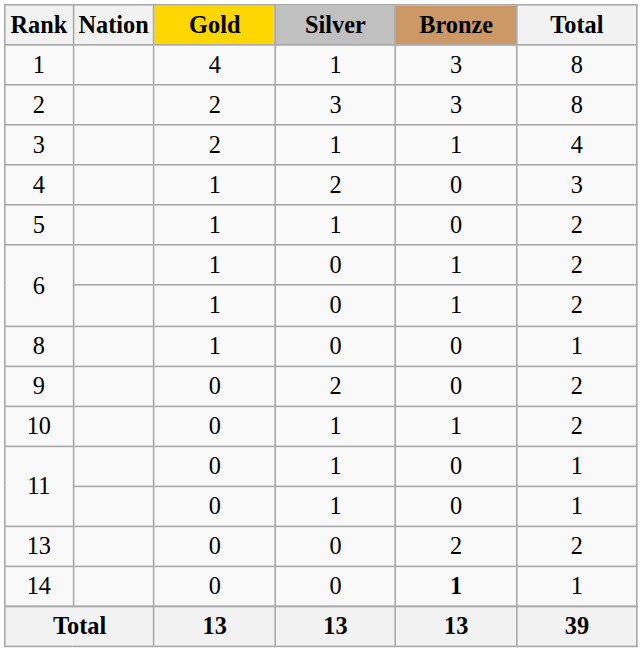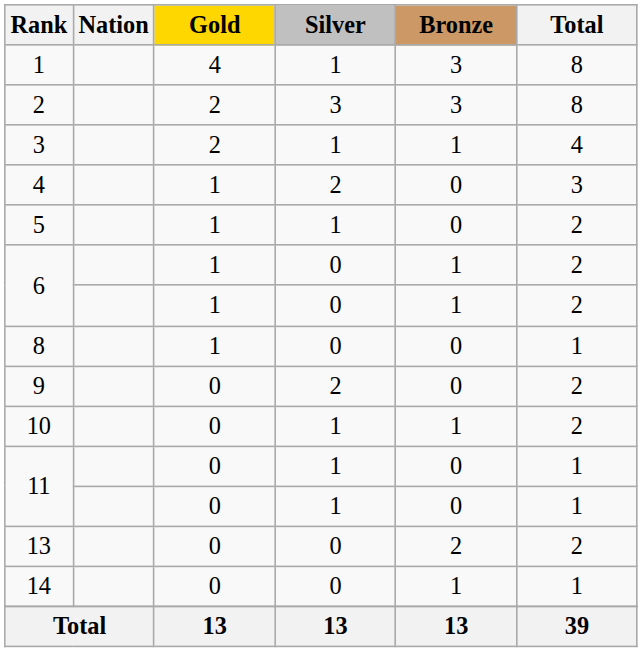 <table class="wikitable" style="text-align:center; font-size:95%">
 <tr>
 <th scope=col>Rank</th>
 <th scope=col>Nation</th>
 <th scope=col style="background:gold; width:4.5em; font-weight:bold;">Gold</th>
 <th scope=col style="background:silver; width:4.5em; font-weight:bold;">Silver</th>
 <th scope=col style="background:#cc9966; width:4.5em; font-weight:bold;">Bronze</th>
 <th scope=col style="width:4.5em;">Total</th>
 </tr>
 <tr>
 <td>1</td>
 <td align="left"></td>
 <td>4</td>
 <td>1</td>
 <td>3</td>
 <td>8</td>
 </tr>
 <tr>
 <td>2</td>
 <td align="left"></td>
 <td>2</td>
 <td>3</td>
 <td>3</td>
 <td>8</td>
 </tr>
 <tr>
 <td>3</td>
 <td align="left"></td>
 <td>2</td>
 <td>1</td>
 <td>1</td>
 <td>4</td>
 </tr>
 <tr>
 <td>4</td>
 <td align="left"></td>
 <td>1</td>
 <td>2</td>
 <td>0</td>
 <td>3</td>
 </tr>
 <tr>
 <td>5</td>
 <td align="left"></td>
 <td>1</td>
 <td>1</td>
 <td>0</td>
 <td>2</td>
 </tr>
 <tr>
 <td rowspan=2>6</td>
 <td align="left"></td>
 <td>1</td>
 <td>0</td>
 <td>1</td>
 <td>2</td>
 </tr>
 <tr>
 <td align="left"></td>
 <td>1</td>
 <td>0</td>
 <td>1</td>
 <td>2</td>
 </tr>
 <tr>
 <td>8</td>
 <td align="left"></td>
 <td>1</td>
 <td>0</td>
 <td>0</td>
 <td>1</td>
 </tr>
 <tr>
 <td>9</td>
 <td align="left"></td>
 <td>0</td>
 <td>2</td>
 <td>0</td>
 <td>2</td>
 </tr>
 <tr>
 <td>10</td>
 <td align="left"></td>
 <td>0</td>
 <td>1</td>
 <td>1</td>
 <td>2</td>
 </tr>
 <tr>
 <td rowspan=2>11</td>
 <td align="left"></td>
 <td>0</td>
 <td>1</td>
 <td>0</td>
 <td>1</td>
 </tr>
 <tr>
 <td align="left"></td>
 <td>0</td>
 <td>1</td>
 <td>0</td>
 <td>1</td>
 </tr>
 <tr>
 <td>13</td>
 <td align="left"></td>
 <td>0</td>
 <td>0</td>
 <td>2</td>
 <td>2</td>
 </tr>
 <tr>
 <td>14</td>
 <td align="left"></td>
 <td>0</td>
 <td>0</td>
-<td><strong>1</strong></td>
+<td>1</td>
 <td>1</td>
 </tr>
 <tr>
 </tr>
 <tr class="sortbottom">
 <th colspan=2>Total</th>
 <th>13</th>
 <th>13</th>
 <th>13</th>
 <th>39</th>
 </tr>
 </table>
